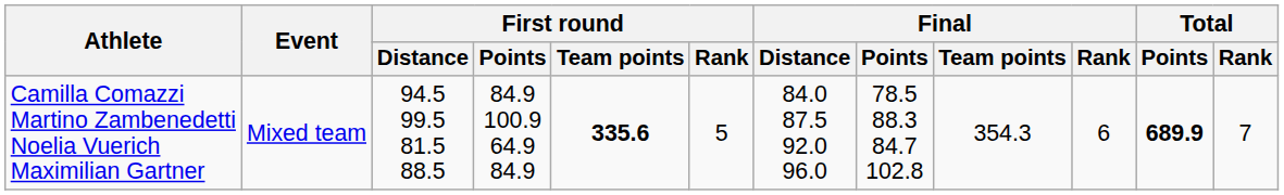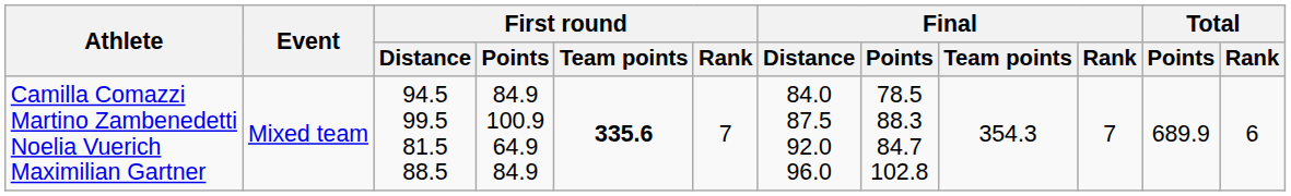 <table class="wikitable" style="font-size:90%">
 <tr>
 <th rowspan=2>Athlete</th>
 <th rowspan=2>Event</th>
 <th colspan="4">First round</th>
 <th colspan="4">Final</th>
 <th colspan=2>Total</th>
 </tr>
 <tr style="font-size:95%">
 <th>Distance</th>
 <th>Points</th>
 <th>Team points</th>
 <th>Rank</th>
 <th>Distance</th>
 <th>Points</th>
 <th>Team points</th>
 <th>Rank</th>
 <th>Points</th>
 <th>Rank</th>
 </tr>
 <tr align=center>
 <td align=left><a href='#'>Camilla Comazzi</a><br><a href='#'>Martino Zambenedetti</a><br><a href='#'>Noelia Vuerich</a><br><a href='#'>Maximilian Gartner</a></td>
 <td align=left><a href='#'>Mixed team</a></td>
 <td>94.5<br>99.5<br>81.5<br>88.5</td>
 <td>84.9<br>100.9<br>64.9<br>84.9</td>
 <td><strong>335.6</strong></td>
-<td>5</td>
+<td>7</td>
 <td>84.0<br>87.5<br>92.0<br>96.0</td>
 <td>78.5<br>88.3<br>84.7<br>102.8</td>
 <td>354.3</td>
+<td>7</td>
+<td>689.9</td>
 <td>6</td>
-<td><strong>689.9</strong></td>
-<td>7</td>
 </tr>
 </table>
